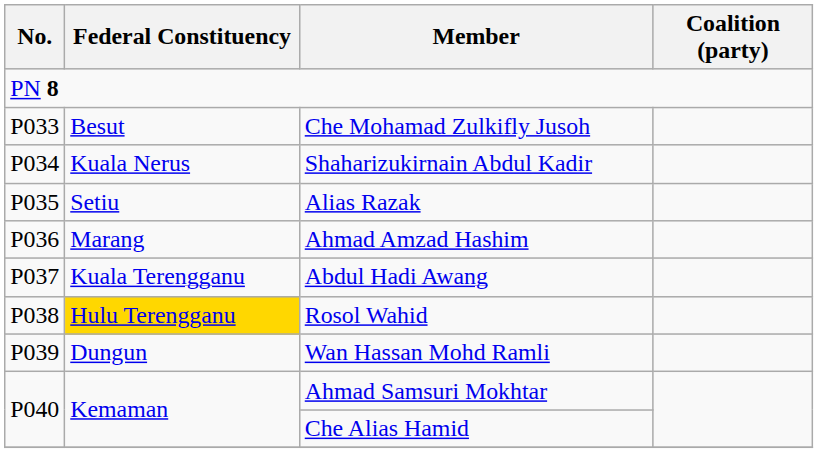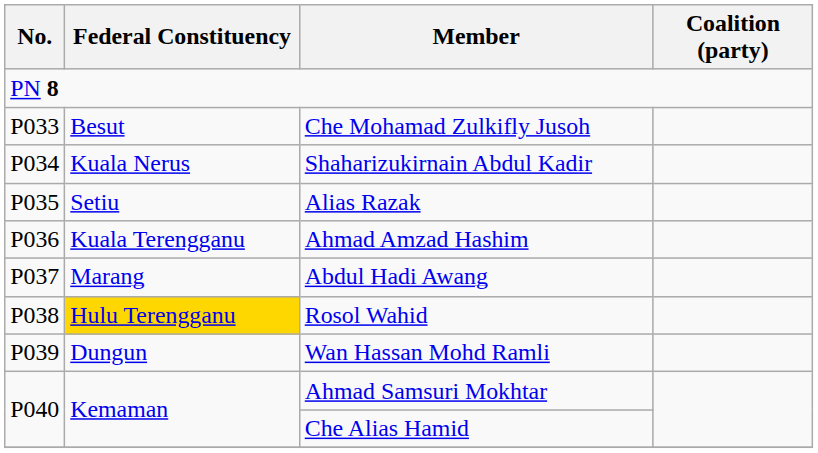 <table class="wikitable sortable">
 <tr>
 <th style="width:30px;">No.</th>
 <th style="width:150px;">Federal Constituency</th>
 <th style="width:230px;">Member</th>
 <th style="width:100px;">Coalition (party)</th>
 </tr>
 <tr>
 <td colspan="4"><a href='#'>PN</a> <strong>8</strong></td>
 </tr>
 <tr>
 <td>P033</td>
 <td><a href='#'>Besut</a></td>
 <td><a href='#'>Che Mohamad Zulkifly Jusoh</a></td>
 <td></td>
 </tr>
 <tr>
 <td>P034</td>
 <td><a href='#'>Kuala Nerus</a></td>
 <td><a href='#'>Shaharizukirnain Abdul Kadir</a></td>
 <td></td>
 </tr>
 <tr>
 <td>P035</td>
 <td><a href='#'>Setiu</a></td>
 <td><a href='#'>Alias Razak</a></td>
 <td></td>
 </tr>
 <tr>
 <td>P036</td>
-<td><a href='#'>Marang</a></td>
+<td><a href='#'>Kuala Terengganu</a></td>
 <td><a href='#'>Ahmad Amzad Hashim</a> <br></td>
 <td></td>
 </tr>
 <tr>
 <td>P037</td>
-<td><a href='#'>Kuala Terengganu</a></td>
+<td><a href='#'>Marang</a></td>
 <td><a href='#'>Abdul Hadi Awang</a></td>
 <td></td>
 </tr>
 <tr>
 <td>P038</td>
 <td style="background: gold;"><a href='#'>Hulu Terengganu</a></td>
 <td><a href='#'>Rosol Wahid</a></td>
 <td></td>
 </tr>
 <tr>
 <td>P039</td>
 <td><a href='#'>Dungun</a></td>
 <td><a href='#'>Wan Hassan Mohd Ramli</a></td>
 <td></td>
 </tr>
 <tr>
 <td rowspan=2>P040</td>
 <td rowspan=2><a href='#'>Kemaman</a></td>
 <td><a href='#'>Ahmad Samsuri Mokhtar</a> </td>
 <td rowspan="2"></td>
 </tr>
 <tr>
 <td><a href='#'>Che Alias Hamid</a> </td>
 </tr>
 <tr>
 </tr>
 </table>
